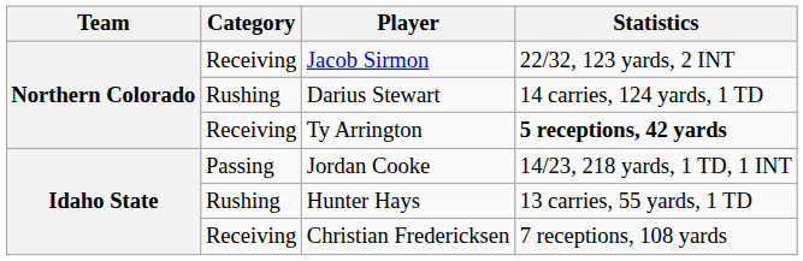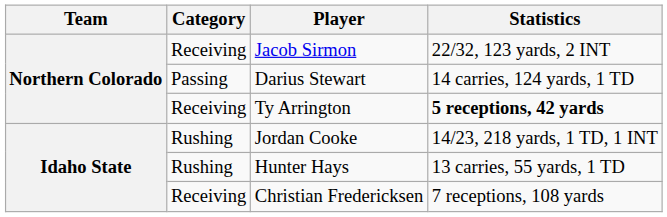 <table class="wikitable" style="float:right">
 <tr>
 <th>Team</th>
 <th>Category</th>
 <th>Player</th>
 <th>Statistics</th>
 </tr>
 <tr>
 <th rowspan=3>Northern Colorado</th>
 <td>Receiving</td>
 <td><a href='#'>Jacob Sirmon</a></td>
 <td>22/32, 123 yards, 2 INT</td>
 </tr>
 <tr>
-<td>Rushing</td>
+<td>Passing</td>
 <td>Darius Stewart</td>
 <td>14 carries, 124 yards, 1 TD</td>
 </tr>
 <tr>
 <td>Receiving</td>
 <td>Ty Arrington</td>
 <td><strong>5 receptions, 42 yards</strong></td>
 </tr>
 <tr>
 <th rowspan=3>Idaho State</th>
-<td>Passing</td>
+<td>Rushing</td>
 <td>Jordan Cooke</td>
 <td>14/23, 218 yards, 1 TD, 1 INT</td>
 </tr>
 <tr>
 <td>Rushing</td>
 <td>Hunter Hays</td>
 <td>13 carries, 55 yards, 1 TD</td>
 </tr>
 <tr>
 <td>Receiving</td>
 <td>Christian Fredericksen</td>
 <td>7 receptions, 108 yards</td>
 </tr>
 </table>
